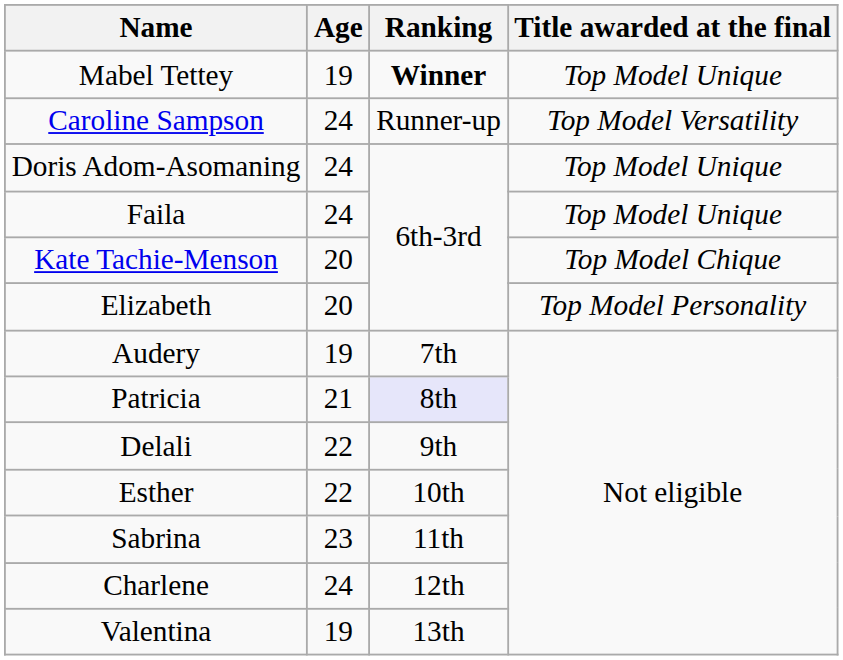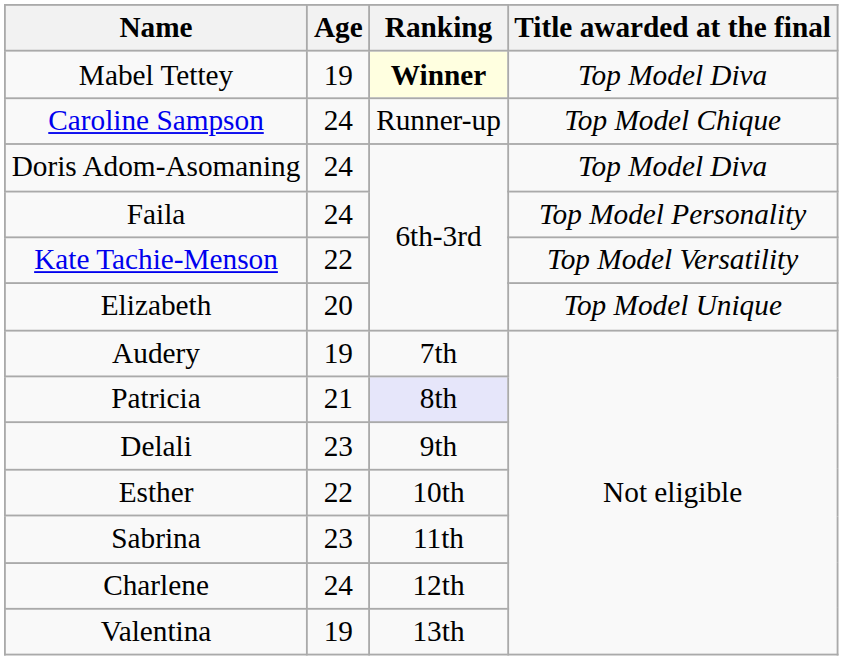 <table class="wikitable sortable" style="text-align:center;">
 <tr>
 <th>Name</th>
 <th>Age</th>
 <th>Ranking</th>
 <th>Title awarded at the final</th>
 </tr>
 <tr>
 <td>Mabel Tettey</td>
 <td>19</td>
-<td><strong>Winner</strong></td>
-<td><em>Top Model Unique</em></td>
+<td style="background: lightyellow;"><strong>Winner</strong></td>
+<td><em>Top Model Diva</em></td>
 </tr>
 <tr>
 <td><a href='#'>Caroline Sampson</a></td>
 <td>24</td>
 <td>Runner-up</td>
-<td><em>Top Model Versatility</em></td>
+<td><em>Top Model Chique</em></td>
 </tr>
 <tr>
 <td>Doris Adom-Asomaning</td>
 <td>24</td>
 <td rowspan="4">6th-3rd</td>
-<td><em>Top Model Unique</em></td>
+<td><em>Top Model Diva</em></td>
 </tr>
 <tr>
 <td>Faila</td>
 <td>24</td>
-<td><em>Top Model Unique</em></td>
+<td><em>Top Model Personality</em></td>
 </tr>
 <tr>
 <td><a href='#'>Kate Tachie-Menson</a></td>
-<td>20</td>
-<td><em>Top Model Chique</em></td>
+<td>22</td>
+<td><em>Top Model Versatility</em></td>
 </tr>
 <tr>
 <td>Elizabeth</td>
 <td>20</td>
-<td><em>Top Model Personality</em></td>
+<td><em>Top Model Unique</em></td>
 </tr>
 <tr>
 <td>Audery</td>
 <td>19</td>
 <td>7th</td>
 <td rowspan="7">Not eligible</td>
 </tr>
 <tr>
 <td>Patricia</td>
 <td>21</td>
 <td style="background: lavender;">8th</td>
 </tr>
 <tr>
 <td>Delali</td>
-<td>22</td>
+<td>23</td>
 <td>9th</td>
 </tr>
 <tr>
 <td>Esther</td>
 <td>22</td>
 <td>10th</td>
 </tr>
 <tr>
 <td>Sabrina</td>
 <td>23</td>
 <td>11th</td>
 </tr>
 <tr>
 <td>Charlene</td>
 <td>24</td>
 <td>12th</td>
 </tr>
 <tr>
 <td>Valentina</td>
 <td>19</td>
 <td>13th</td>
 </tr>
 </table>
